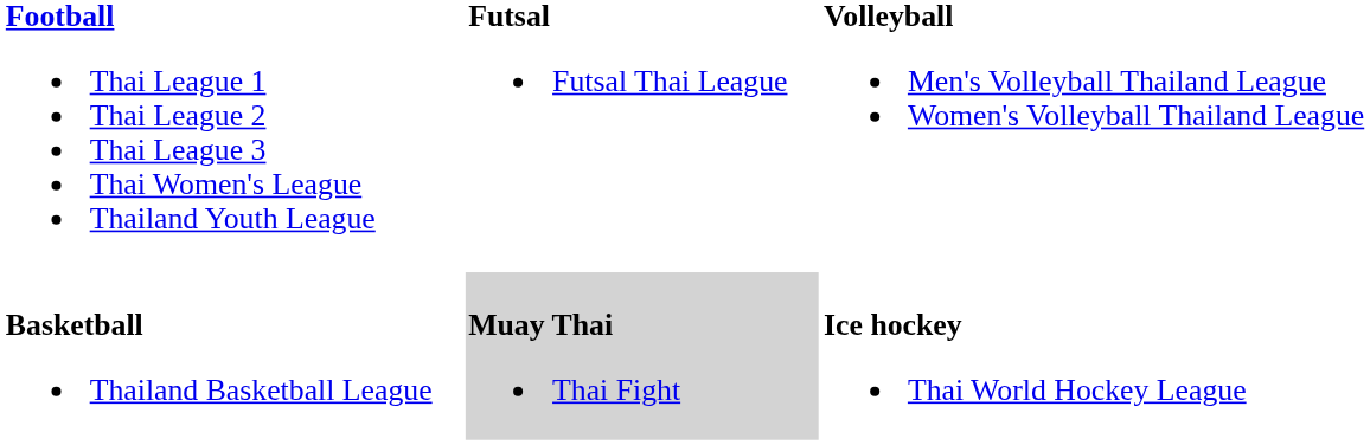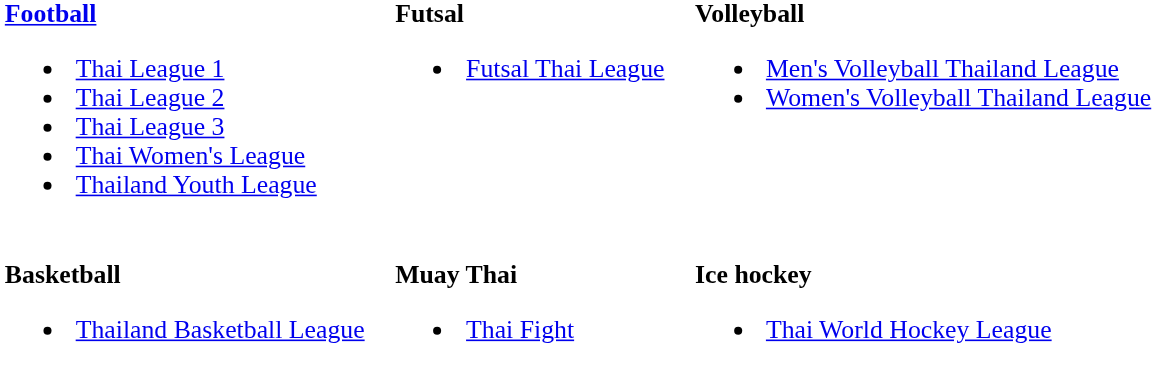 <table>
 <tr>
 <td style="vertical-align:top;"><br><div><strong><a href='#'>Football</a></strong></div><ul><li> <a href='#'>Thai League 1</a></li><li> <a href='#'>Thai League 2</a></li><li> <a href='#'>Thai League 3</a></li><li> <a href='#'>Thai Women's League</a></li><li> <a href='#'>Thailand Youth League</a></li></ul></td>
 <td style="padding-right:1em; vertical-align:top;"><br><div><strong>Futsal</strong></div><ul><li> <a href='#'>Futsal Thai League</a></li></ul></td>
 <td style="padding-right:1em; vertical-align:top;"><br><div><strong>Volleyball</strong></div><ul><li> <a href='#'>Men's Volleyball Thailand League</a></li><li> <a href='#'>Women's Volleyball Thailand League</a></li></ul></td>
 </tr>
 <tr>
 <td style="padding-right:1em; vertical-align:top;"><br><div><strong>Basketball</strong></div><ul><li> <a href='#'>Thailand Basketball League</a></li></ul></td>
-<td style="background: lightgrey; padding-right:1em; vertical-align:top;"><br><div><strong>Muay Thai</strong></div><ul><li> <a href='#'>Thai Fight</a></li></ul></td>
+<td style="padding-right:1em; vertical-align:top;"><br><div><strong>Muay Thai</strong></div><ul><li> <a href='#'>Thai Fight</a></li></ul></td>
 <td style="padding-right:1em; vertical-align:top;"><br><div><strong>Ice hockey</strong></div><ul><li> <a href='#'>Thai World Hockey League</a></li></ul></td>
 </tr>
 </table>
